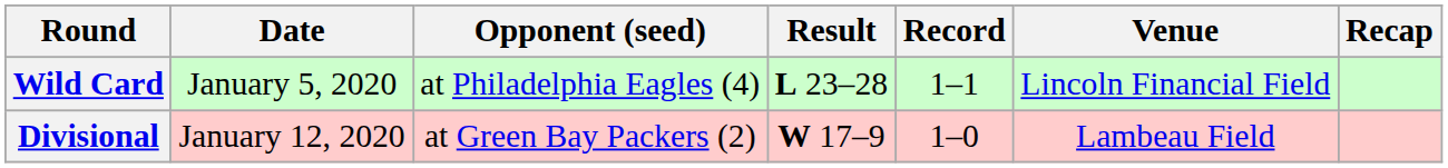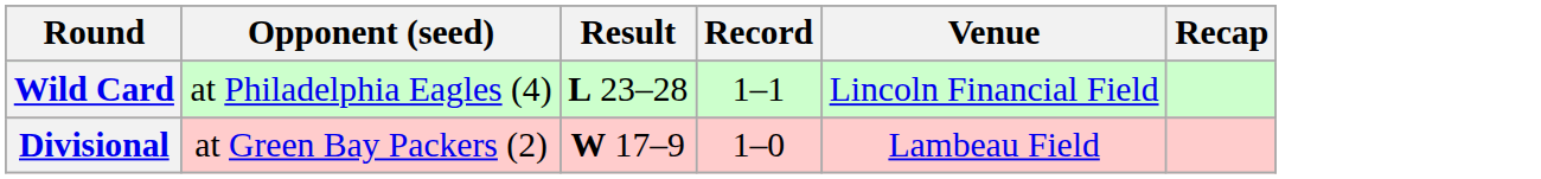 <table class="wikitable" style="text-align:center">
 <tr>
 <th>Round</th>
-<th>Date</th>
 <th>Opponent (seed)</th>
 <th>Result</th>
 <th>Record</th>
 <th>Venue</th>
 <th>Recap</th>
 </tr>
 <tr style="background:#cfc">
 <th><a href='#'>Wild Card</a></th>
-<td>January 5, 2020</td>
 <td>at <a href='#'>Philadelphia Eagles</a> (4)</td>
 <td><strong>L</strong> 23–28</td>
 <td>1–1</td>
 <td><a href='#'>Lincoln Financial Field</a></td>
 <td></td>
 </tr>
 <tr style="background:#fcc">
 <th><a href='#'>Divisional</a></th>
-<td>January 12, 2020</td>
 <td>at <a href='#'>Green Bay Packers</a> (2)</td>
 <td><strong>W</strong> 17–9</td>
 <td>1–0</td>
 <td><a href='#'>Lambeau Field</a></td>
 <td></td>
 </tr>
 </table>
